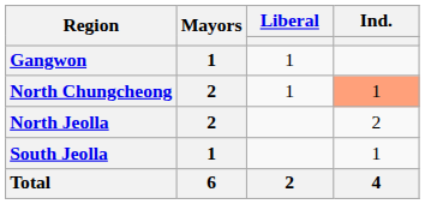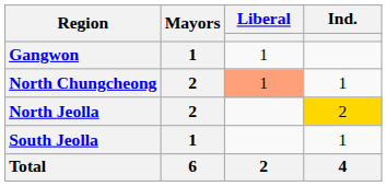 <table class="wikitable" style="text-align:center; font-size: 0.9em;">
 <tr>
 <th rowspan="2">Region</th>
 <th rowspan="2">Mayors</th>
 <th class="unsortable" style="width:60px;"><a href='#'>Liberal</a></th>
 <th class="unsortable" style="width:60px;">Ind.</th>
 </tr>
 <tr>
 <th style="background:"></th>
 <th style="background:"></th>
 </tr>
 <tr>
 <th style="text-align: left;"><a href='#'>Gangwon</a></th>
 <th>1</th>
 <td>1</td>
 <td></td>
 </tr>
 <tr>
 <th style="text-align: left;"><a href='#'>North Chungcheong</a></th>
 <th>2</th>
+<td style="background: lightsalmon;">1</td>
 <td>1</td>
-<td style="background: lightsalmon;">1</td>
 </tr>
 <tr>
 <th style="text-align: left;"><a href='#'>North Jeolla</a></th>
 <th>2</th>
 <td></td>
-<td>2</td>
+<td style="background: gold;">2</td>
 </tr>
 <tr>
 <th style="text-align: left;"><a href='#'>South Jeolla</a></th>
 <th>1</th>
 <td></td>
 <td>1</td>
 </tr>
 <tr class="sortbottom">
 <th style="text-align: left;">Total</th>
 <th>6</th>
 <th>2</th>
 <th>4</th>
 </tr>
 </table>
